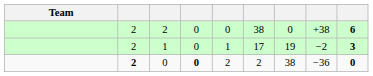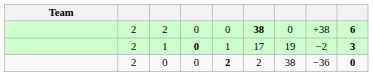 <table class="wikitable" style="text-align:center;">
 <tr>
 <th width=165>Team</th>
 <th width=40></th>
 <th width=40></th>
 <th width=40></th>
 <th width=40></th>
 <th width=40></th>
 <th width=40></th>
 <th width=40></th>
 <th width=40></th>
 </tr>
 <tr style="background: #ccffcc;">
 <td style="text-align:left;"></td>
 <td>2</td>
 <td>2</td>
 <td>0</td>
 <td>0</td>
-<td>38</td>
+<td><strong>38</strong></td>
 <td>0</td>
 <td>+38</td>
 <td><strong>6</strong></td>
 </tr>
 <tr style="background: #ccffcc;">
 <td style="text-align:left;"></td>
 <td>2</td>
 <td>1</td>
-<td>0</td>
+<td><strong>0</strong></td>
 <td>1</td>
 <td>17</td>
 <td>19</td>
 <td>−2</td>
 <td><strong>3</strong></td>
 </tr>
 <tr style="background:">
 <td style="text-align:left;"></td>
+<td>2</td>
+<td>0</td>
+<td>0</td>
 <td><strong>2</strong></td>
-<td>0</td>
-<td><strong>0</strong></td>
-<td>2</td>
 <td>2</td>
 <td>38</td>
 <td>−36</td>
 <td><strong>0</strong></td>
 </tr>
 </table>
